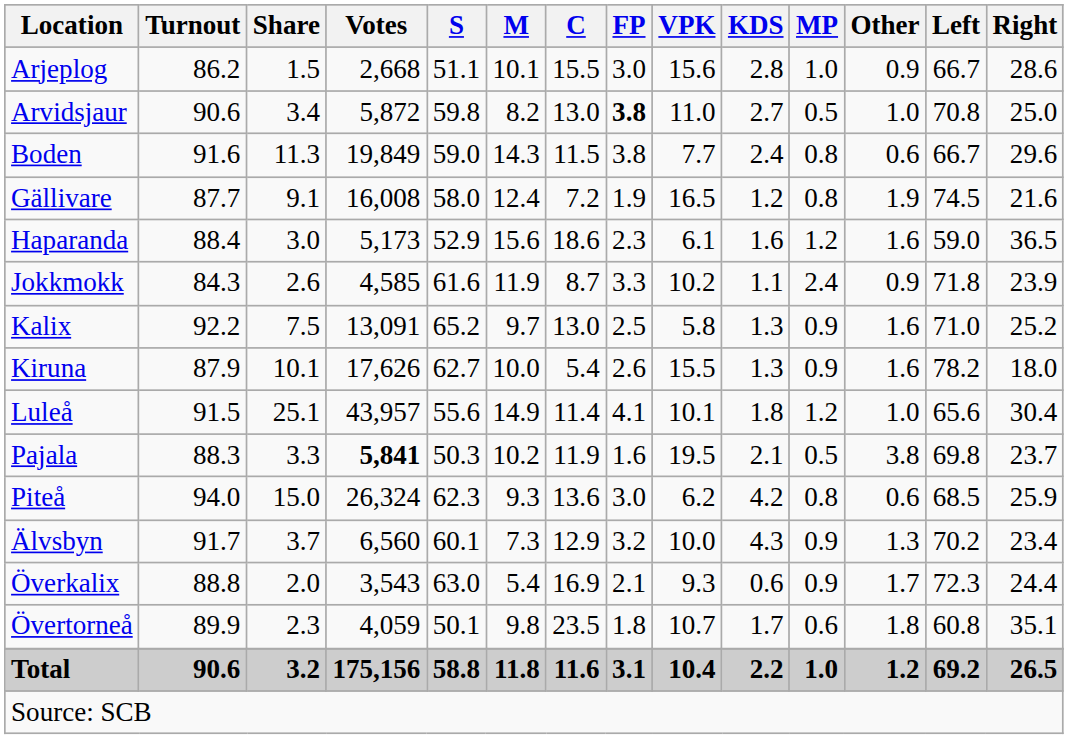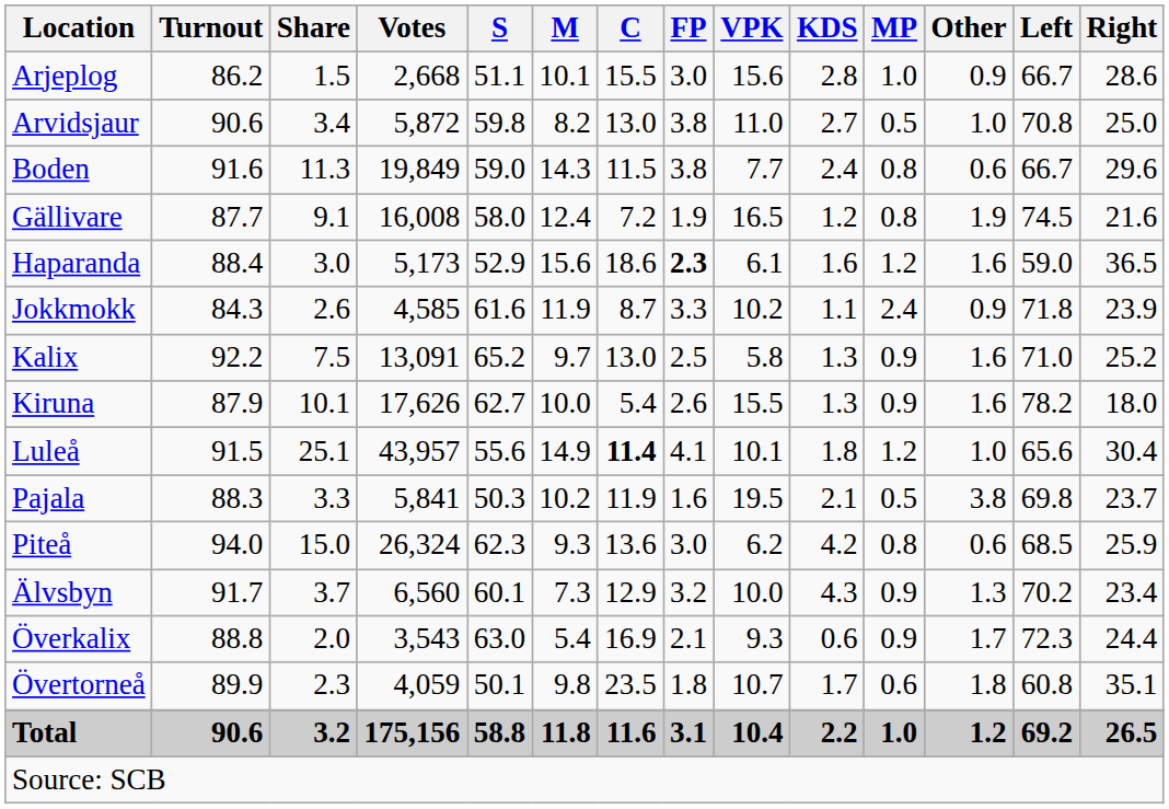 <table class="wikitable sortable" style=text-align:right>
 <tr>
 <th>Location</th>
 <th>Turnout</th>
 <th>Share</th>
 <th>Votes</th>
 <th><a href='#'>S</a></th>
 <th><a href='#'>M</a></th>
 <th><a href='#'>C</a></th>
 <th><a href='#'>FP</a></th>
 <th><a href='#'>VPK</a></th>
 <th><a href='#'>KDS</a></th>
 <th><a href='#'>MP</a></th>
 <th>Other</th>
 <th>Left</th>
 <th>Right</th>
 </tr>
 <tr>
 <td align=left><a href='#'>Arjeplog</a></td>
 <td>86.2</td>
 <td>1.5</td>
 <td>2,668</td>
 <td>51.1</td>
 <td>10.1</td>
 <td>15.5</td>
 <td>3.0</td>
 <td>15.6</td>
 <td>2.8</td>
 <td>1.0</td>
 <td>0.9</td>
 <td>66.7</td>
 <td>28.6</td>
 </tr>
 <tr>
 <td align=left><a href='#'>Arvidsjaur</a></td>
 <td>90.6</td>
 <td>3.4</td>
 <td>5,872</td>
 <td>59.8</td>
 <td>8.2</td>
 <td>13.0</td>
-<td><strong>3.8</strong></td>
+<td>3.8</td>
 <td>11.0</td>
 <td>2.7</td>
 <td>0.5</td>
 <td>1.0</td>
 <td>70.8</td>
 <td>25.0</td>
 </tr>
 <tr>
 <td align=left><a href='#'>Boden</a></td>
 <td>91.6</td>
 <td>11.3</td>
 <td>19,849</td>
 <td>59.0</td>
 <td>14.3</td>
 <td>11.5</td>
 <td>3.8</td>
 <td>7.7</td>
 <td>2.4</td>
 <td>0.8</td>
 <td>0.6</td>
 <td>66.7</td>
 <td>29.6</td>
 </tr>
 <tr>
 <td align=left><a href='#'>Gällivare</a></td>
 <td>87.7</td>
 <td>9.1</td>
 <td>16,008</td>
 <td>58.0</td>
 <td>12.4</td>
 <td>7.2</td>
 <td>1.9</td>
 <td>16.5</td>
 <td>1.2</td>
 <td>0.8</td>
 <td>1.9</td>
 <td>74.5</td>
 <td>21.6</td>
 </tr>
 <tr>
 <td align=left><a href='#'>Haparanda</a></td>
 <td>88.4</td>
 <td>3.0</td>
 <td>5,173</td>
 <td>52.9</td>
 <td>15.6</td>
 <td>18.6</td>
-<td>2.3</td>
+<td><strong>2.3</strong></td>
 <td>6.1</td>
 <td>1.6</td>
 <td>1.2</td>
 <td>1.6</td>
 <td>59.0</td>
 <td>36.5</td>
 </tr>
 <tr>
 <td align=left><a href='#'>Jokkmokk</a></td>
 <td>84.3</td>
 <td>2.6</td>
 <td>4,585</td>
 <td>61.6</td>
 <td>11.9</td>
 <td>8.7</td>
 <td>3.3</td>
 <td>10.2</td>
 <td>1.1</td>
 <td>2.4</td>
 <td>0.9</td>
 <td>71.8</td>
 <td>23.9</td>
 </tr>
 <tr>
 <td align=left><a href='#'>Kalix</a></td>
 <td>92.2</td>
 <td>7.5</td>
 <td>13,091</td>
 <td>65.2</td>
 <td>9.7</td>
 <td>13.0</td>
 <td>2.5</td>
 <td>5.8</td>
 <td>1.3</td>
 <td>0.9</td>
 <td>1.6</td>
 <td>71.0</td>
 <td>25.2</td>
 </tr>
 <tr>
 <td align=left><a href='#'>Kiruna</a></td>
 <td>87.9</td>
 <td>10.1</td>
 <td>17,626</td>
 <td>62.7</td>
 <td>10.0</td>
 <td>5.4</td>
 <td>2.6</td>
 <td>15.5</td>
 <td>1.3</td>
 <td>0.9</td>
 <td>1.6</td>
 <td>78.2</td>
 <td>18.0</td>
 </tr>
 <tr>
 <td align=left><a href='#'>Luleå</a></td>
 <td>91.5</td>
 <td>25.1</td>
 <td>43,957</td>
 <td>55.6</td>
 <td>14.9</td>
-<td>11.4</td>
+<td><strong>11.4</strong></td>
 <td>4.1</td>
 <td>10.1</td>
 <td>1.8</td>
 <td>1.2</td>
 <td>1.0</td>
 <td>65.6</td>
 <td>30.4</td>
 </tr>
 <tr>
 <td align=left><a href='#'>Pajala</a></td>
 <td>88.3</td>
 <td>3.3</td>
-<td><strong>5,841</strong></td>
+<td>5,841</td>
 <td>50.3</td>
 <td>10.2</td>
 <td>11.9</td>
 <td>1.6</td>
 <td>19.5</td>
 <td>2.1</td>
 <td>0.5</td>
 <td>3.8</td>
 <td>69.8</td>
 <td>23.7</td>
 </tr>
 <tr>
 <td align=left><a href='#'>Piteå</a></td>
 <td>94.0</td>
 <td>15.0</td>
 <td>26,324</td>
 <td>62.3</td>
 <td>9.3</td>
 <td>13.6</td>
 <td>3.0</td>
 <td>6.2</td>
 <td>4.2</td>
 <td>0.8</td>
 <td>0.6</td>
 <td>68.5</td>
 <td>25.9</td>
 </tr>
 <tr>
 <td align=left><a href='#'>Älvsbyn</a></td>
 <td>91.7</td>
 <td>3.7</td>
 <td>6,560</td>
 <td>60.1</td>
 <td>7.3</td>
 <td>12.9</td>
 <td>3.2</td>
 <td>10.0</td>
 <td>4.3</td>
 <td>0.9</td>
 <td>1.3</td>
 <td>70.2</td>
 <td>23.4</td>
 </tr>
 <tr>
 <td align=left><a href='#'>Överkalix</a></td>
 <td>88.8</td>
 <td>2.0</td>
 <td>3,543</td>
 <td>63.0</td>
 <td>5.4</td>
 <td>16.9</td>
 <td>2.1</td>
 <td>9.3</td>
 <td>0.6</td>
 <td>0.9</td>
 <td>1.7</td>
 <td>72.3</td>
 <td>24.4</td>
 </tr>
 <tr>
 <td align=left><a href='#'>Övertorneå</a></td>
 <td>89.9</td>
 <td>2.3</td>
 <td>4,059</td>
 <td>50.1</td>
 <td>9.8</td>
 <td>23.5</td>
 <td>1.8</td>
 <td>10.7</td>
 <td>1.7</td>
 <td>0.6</td>
 <td>1.8</td>
 <td>60.8</td>
 <td>35.1</td>
 </tr>
 <tr>
 </tr>
 <tr style="background:#CDCDCD;">
 <td align=left><strong>Total</strong></td>
 <td><strong>90.6</strong></td>
 <td><strong>3.2</strong></td>
 <td><strong>175,156</strong></td>
 <td><strong>58.8</strong></td>
 <td><strong>11.8</strong></td>
 <td><strong>11.6</strong></td>
 <td><strong>3.1</strong></td>
 <td><strong>10.4</strong></td>
 <td><strong>2.2</strong></td>
 <td><strong>1.0</strong></td>
 <td><strong>1.2</strong></td>
 <td><strong>69.2</strong></td>
 <td><strong>26.5</strong></td>
 </tr>
 <tr>
 <td align=left colspan=14>Source: SCB </td>
 </tr>
 </table>
